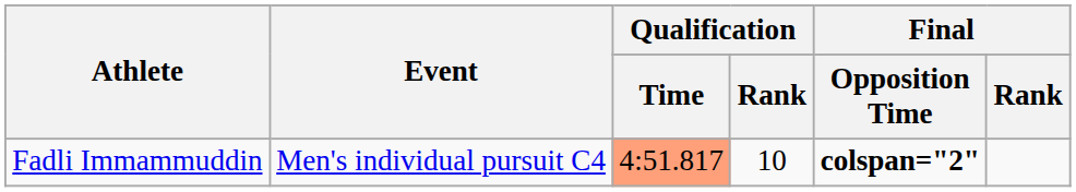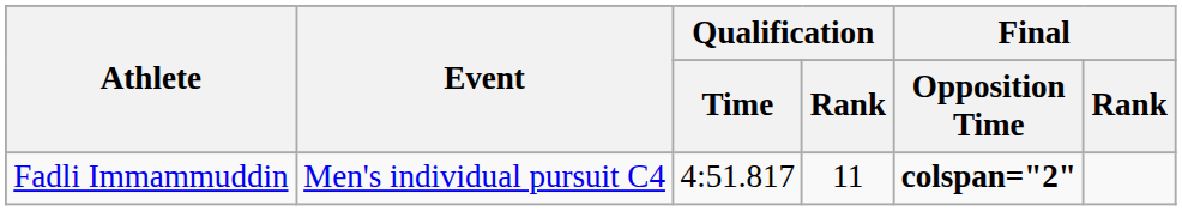 <table class=wikitable style="font-size:90%">
 <tr>
 <th rowspan="2">Athlete</th>
 <th rowspan="2">Event</th>
 <th colspan="2">Qualification</th>
 <th colspan="2">Final</th>
 </tr>
 <tr>
 <th>Time</th>
 <th>Rank</th>
 <th>Opposition<br>Time</th>
 <th>Rank</th>
 </tr>
 <tr align=center>
 <td align=left><a href='#'>Fadli Immammuddin</a></td>
 <td align=left><a href='#'>Men's individual pursuit C4</a></td>
-<td style="background: lightsalmon;">4:51.817</td>
-<td>10</td>
+<td>4:51.817</td>
+<td>11</td>
 <td><strong>colspan="2" </strong></td>
 </tr>
 </table>
